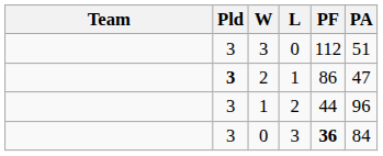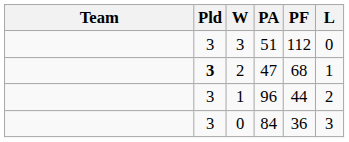 <table class="wikitable" style="text-align:center;">
 <tr>
 <th width=175>Team</th>
 <th width=20 abbr="Played">Pld</th>
 <th width=20 abbr="Won">W</th>
+<th width=20 abbr="Goals against">PA<br></th>
+<th width=20 abbr="Goals for">PF</th>
 <th width=20 abbr="Lost">L</th>
-<th width=20 abbr="Goals for">PF</th>
-<th width=20 abbr="Goals against">PA<br></th>
 </tr>
 <tr>
 <td style="text-align:left;"></td>
 <td>3</td>
 <td>3</td>
+<td>51</td>
+<td>112</td>
 <td>0</td>
-<td>112</td>
-<td>51</td>
 </tr>
 <tr>
 <td style="text-align:left;"></td>
 <td><strong>3</strong></td>
 <td>2</td>
+<td>47</td>
+<td>68</td>
 <td>1</td>
-<td>86</td>
-<td>47</td>
 </tr>
 <tr>
 <td style="text-align:left;"></td>
 <td>3</td>
 <td>1</td>
+<td>96</td>
+<td>44</td>
 <td>2</td>
-<td>44</td>
-<td>96</td>
 </tr>
 <tr>
 <td style="text-align:left;"></td>
 <td>3</td>
 <td>0</td>
+<td>84</td>
+<td>36</td>
 <td>3</td>
-<td><strong>36</strong></td>
-<td>84</td>
 </tr>
 </table>
